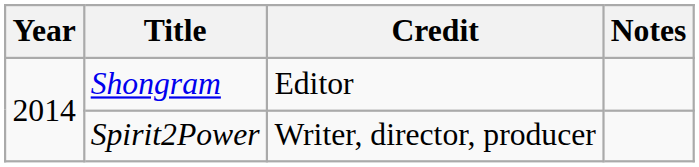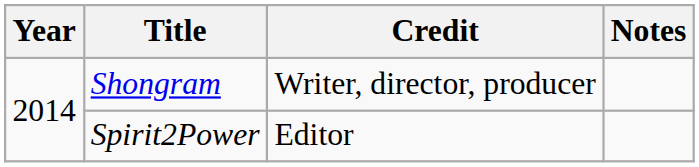 <table class="wikitable" style="font-size: 90%;">
 <tr>
 <th>Year</th>
 <th>Title</th>
 <th>Credit</th>
 <th>Notes</th>
 </tr>
 <tr>
 <td rowspan="2">2014</td>
 <td><em><a href='#'>Shongram</a></em></td>
-<td>Editor</td>
+<td>Writer, director, producer</td>
 <td></td>
 </tr>
 <tr>
 <td><em>Spirit2Power</em></td>
-<td>Writer, director, producer</td>
+<td>Editor</td>
 <td></td>
 </tr>
 </table>
